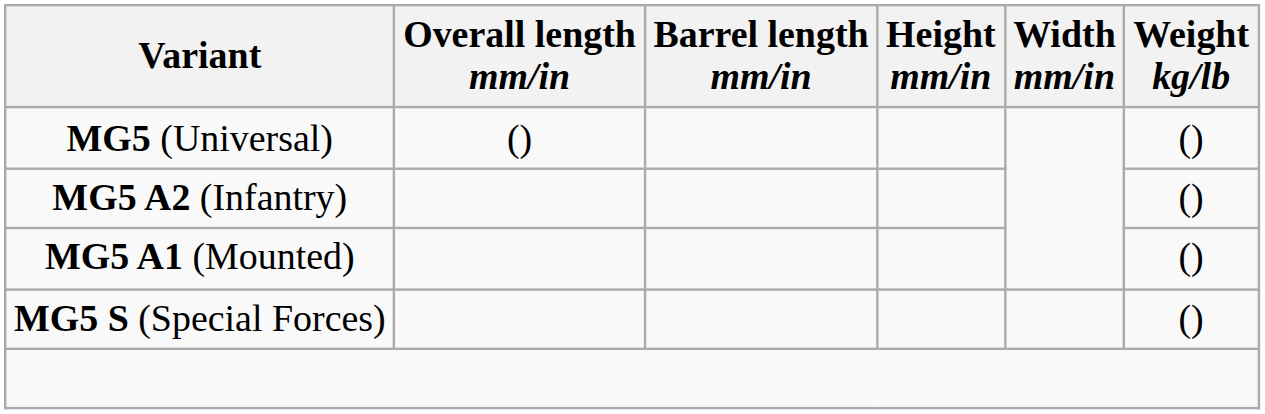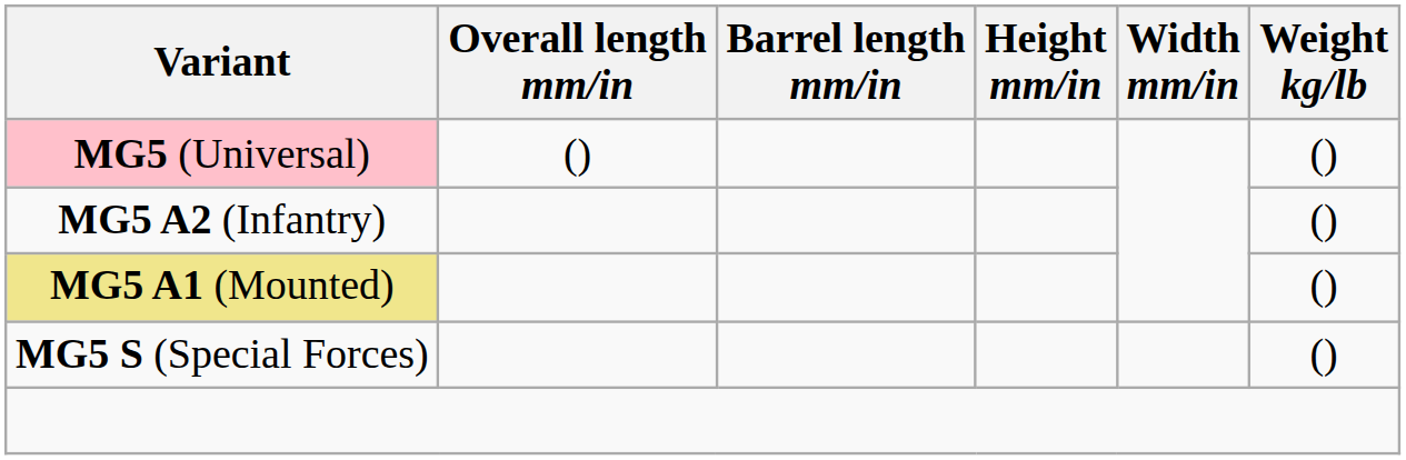 <table class="wikitable" style="text-align:center; vertical-align:center;">
 <tr>
 <th>Variant</th>
 <th>Overall length<br><em>mm/in</em></th>
 <th>Barrel length<br><em>mm/in</em></th>
 <th>Height<br><em>mm/in</em></th>
 <th>Width<br><em>mm/in</em></th>
 <th>Weight<br><em>kg/lb</em></th>
 </tr>
 <tr>
-<td><strong>MG5</strong> (Universal)</td>
+<td style="background: pink;"><strong>MG5</strong> (Universal)</td>
 <td> ()</td>
 <td></td>
 <td></td>
 <td rowspan="3"></td>
 <td> ()</td>
 </tr>
 <tr>
 <td><strong>MG5 A2</strong> (Infantry)</td>
 <td></td>
 <td></td>
 <td></td>
 <td> ()</td>
 </tr>
 <tr>
-<td><strong>MG5 A1</strong> (Mounted)</td>
+<td style="background: khaki;"><strong>MG5 A1</strong> (Mounted)</td>
 <td></td>
 <td></td>
 <td></td>
 <td> ()</td>
 </tr>
 <tr>
 <td><strong>MG5 S</strong> (Special Forces)</td>
 <td></td>
 <td></td>
 <td></td>
 <td></td>
 <td> ()</td>
 </tr>
 <tr>
 <td colspan="8" style="text-align:left;"><br></td>
 </tr>
 </table>
